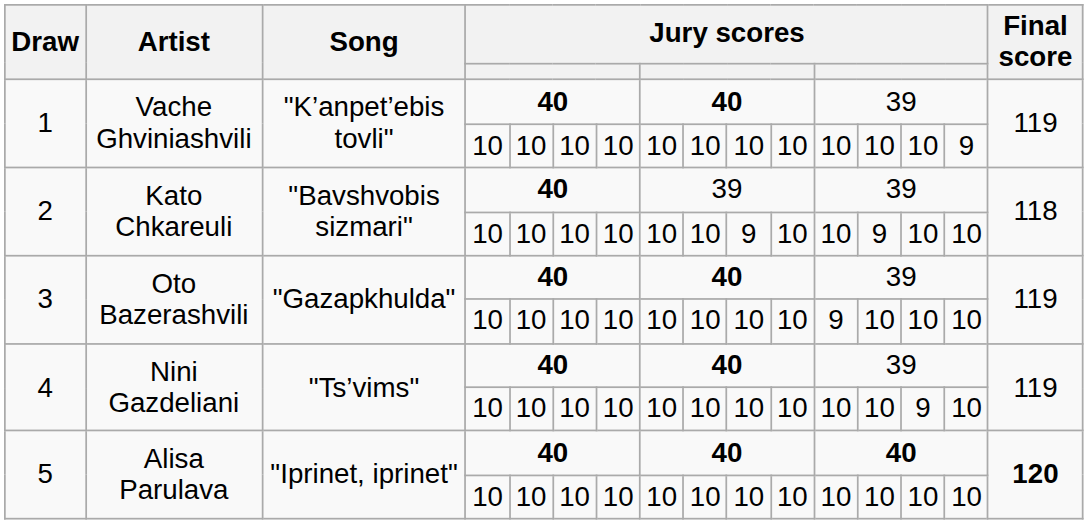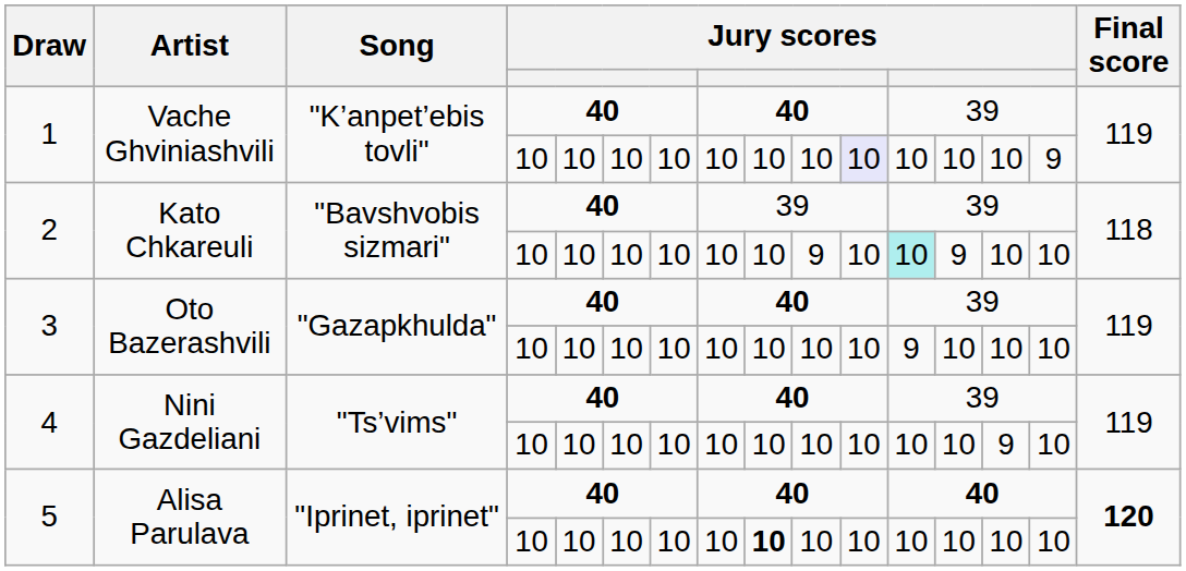 <table class="sortable wikitable" style="text-align:center;margin:1em auto 1em auto">
 <tr>
 <th rowspan="2" scope="col">Draw</th>
 <th rowspan="2" scope="col">Artist</th>
 <th rowspan="2" scope="col">Song</th>
 <th colspan="12" scope="col">Jury scores</th>
 <th rowspan="2" scope="col">Final score</th>
 </tr>
 <tr>
 <th colspan="4" class="unsortable" scope="col"><small></small></th>
 <th colspan="4" class="unsortable" scope="col"><small></small></th>
 <th colspan="4" class="unsortable" scope="col"><small></small></th>
 </tr>
 <tr>
 <td rowspan="2">1</td>
 <td rowspan="2">Vache Ghviniashvili</td>
 <td rowspan="2">"K’anpet’ebis tovli"<br></td>
 <td colspan="4"><strong>40</strong></td>
 <td colspan="4"><strong>40</strong></td>
 <td colspan="4">39</td>
 <td rowspan="2">119</td>
 </tr>
 <tr>
 <td>10</td>
 <td>10</td>
 <td>10</td>
 <td>10</td>
 <td>10</td>
 <td>10</td>
 <td>10</td>
-<td>10</td>
+<td style="background: lavender;">10</td>
 <td>10</td>
 <td>10</td>
 <td>10</td>
 <td>9</td>
 </tr>
 <tr>
 <td rowspan="2">2</td>
 <td rowspan="2">Kato Chkareuli</td>
 <td rowspan="2">"Bavshvobis sizmari"<br></td>
 <td colspan="4"><strong>40</strong></td>
 <td colspan="4">39</td>
 <td colspan="4">39</td>
 <td rowspan="2">118</td>
 </tr>
 <tr>
 <td>10</td>
 <td>10</td>
 <td>10</td>
 <td>10</td>
 <td>10</td>
 <td>10</td>
 <td>9</td>
 <td>10</td>
-<td>10</td>
+<td style="background: paleturquoise;">10</td>
 <td>9</td>
 <td>10</td>
 <td>10</td>
 </tr>
 <tr>
 <td rowspan="2">3</td>
 <td rowspan="2">Oto Bazerashvili</td>
 <td rowspan="2">"Gazapkhulda"<br></td>
 <td colspan="4"><strong>40</strong></td>
 <td colspan="4"><strong>40</strong></td>
 <td colspan="4">39</td>
 <td rowspan="2">119</td>
 </tr>
 <tr>
 <td>10</td>
 <td>10</td>
 <td>10</td>
 <td>10</td>
 <td>10</td>
 <td>10</td>
 <td>10</td>
 <td>10</td>
 <td>9</td>
 <td>10</td>
 <td>10</td>
 <td>10</td>
 </tr>
 <tr>
 <td rowspan="2">4</td>
 <td rowspan="2">Nini Gazdeliani</td>
 <td rowspan="2">"Ts’vims"<br></td>
 <td colspan="4"><strong>40</strong></td>
 <td colspan="4"><strong>40</strong></td>
 <td colspan="4">39</td>
 <td rowspan="2">119</td>
 </tr>
 <tr>
 <td>10</td>
 <td>10</td>
 <td>10</td>
 <td>10</td>
 <td>10</td>
 <td>10</td>
 <td>10</td>
 <td>10</td>
 <td>10</td>
 <td>10</td>
 <td>9</td>
 <td>10</td>
 </tr>
 <tr>
 <td rowspan="2">5</td>
 <td rowspan="2">Alisa Parulava</td>
 <td rowspan="2">"Iprinet, iprinet"<br></td>
 <td colspan="4"><strong>40</strong></td>
 <td colspan="4"><strong>40</strong></td>
 <td colspan="4"><strong>40</strong></td>
 <td rowspan="2"><strong>120</strong></td>
 </tr>
 <tr>
 <td>10</td>
 <td>10</td>
 <td>10</td>
 <td>10</td>
 <td>10</td>
-<td>10</td>
+<td><strong>10</strong></td>
 <td>10</td>
 <td>10</td>
 <td>10</td>
 <td>10</td>
 <td>10</td>
 <td>10</td>
 </tr>
 </table>
